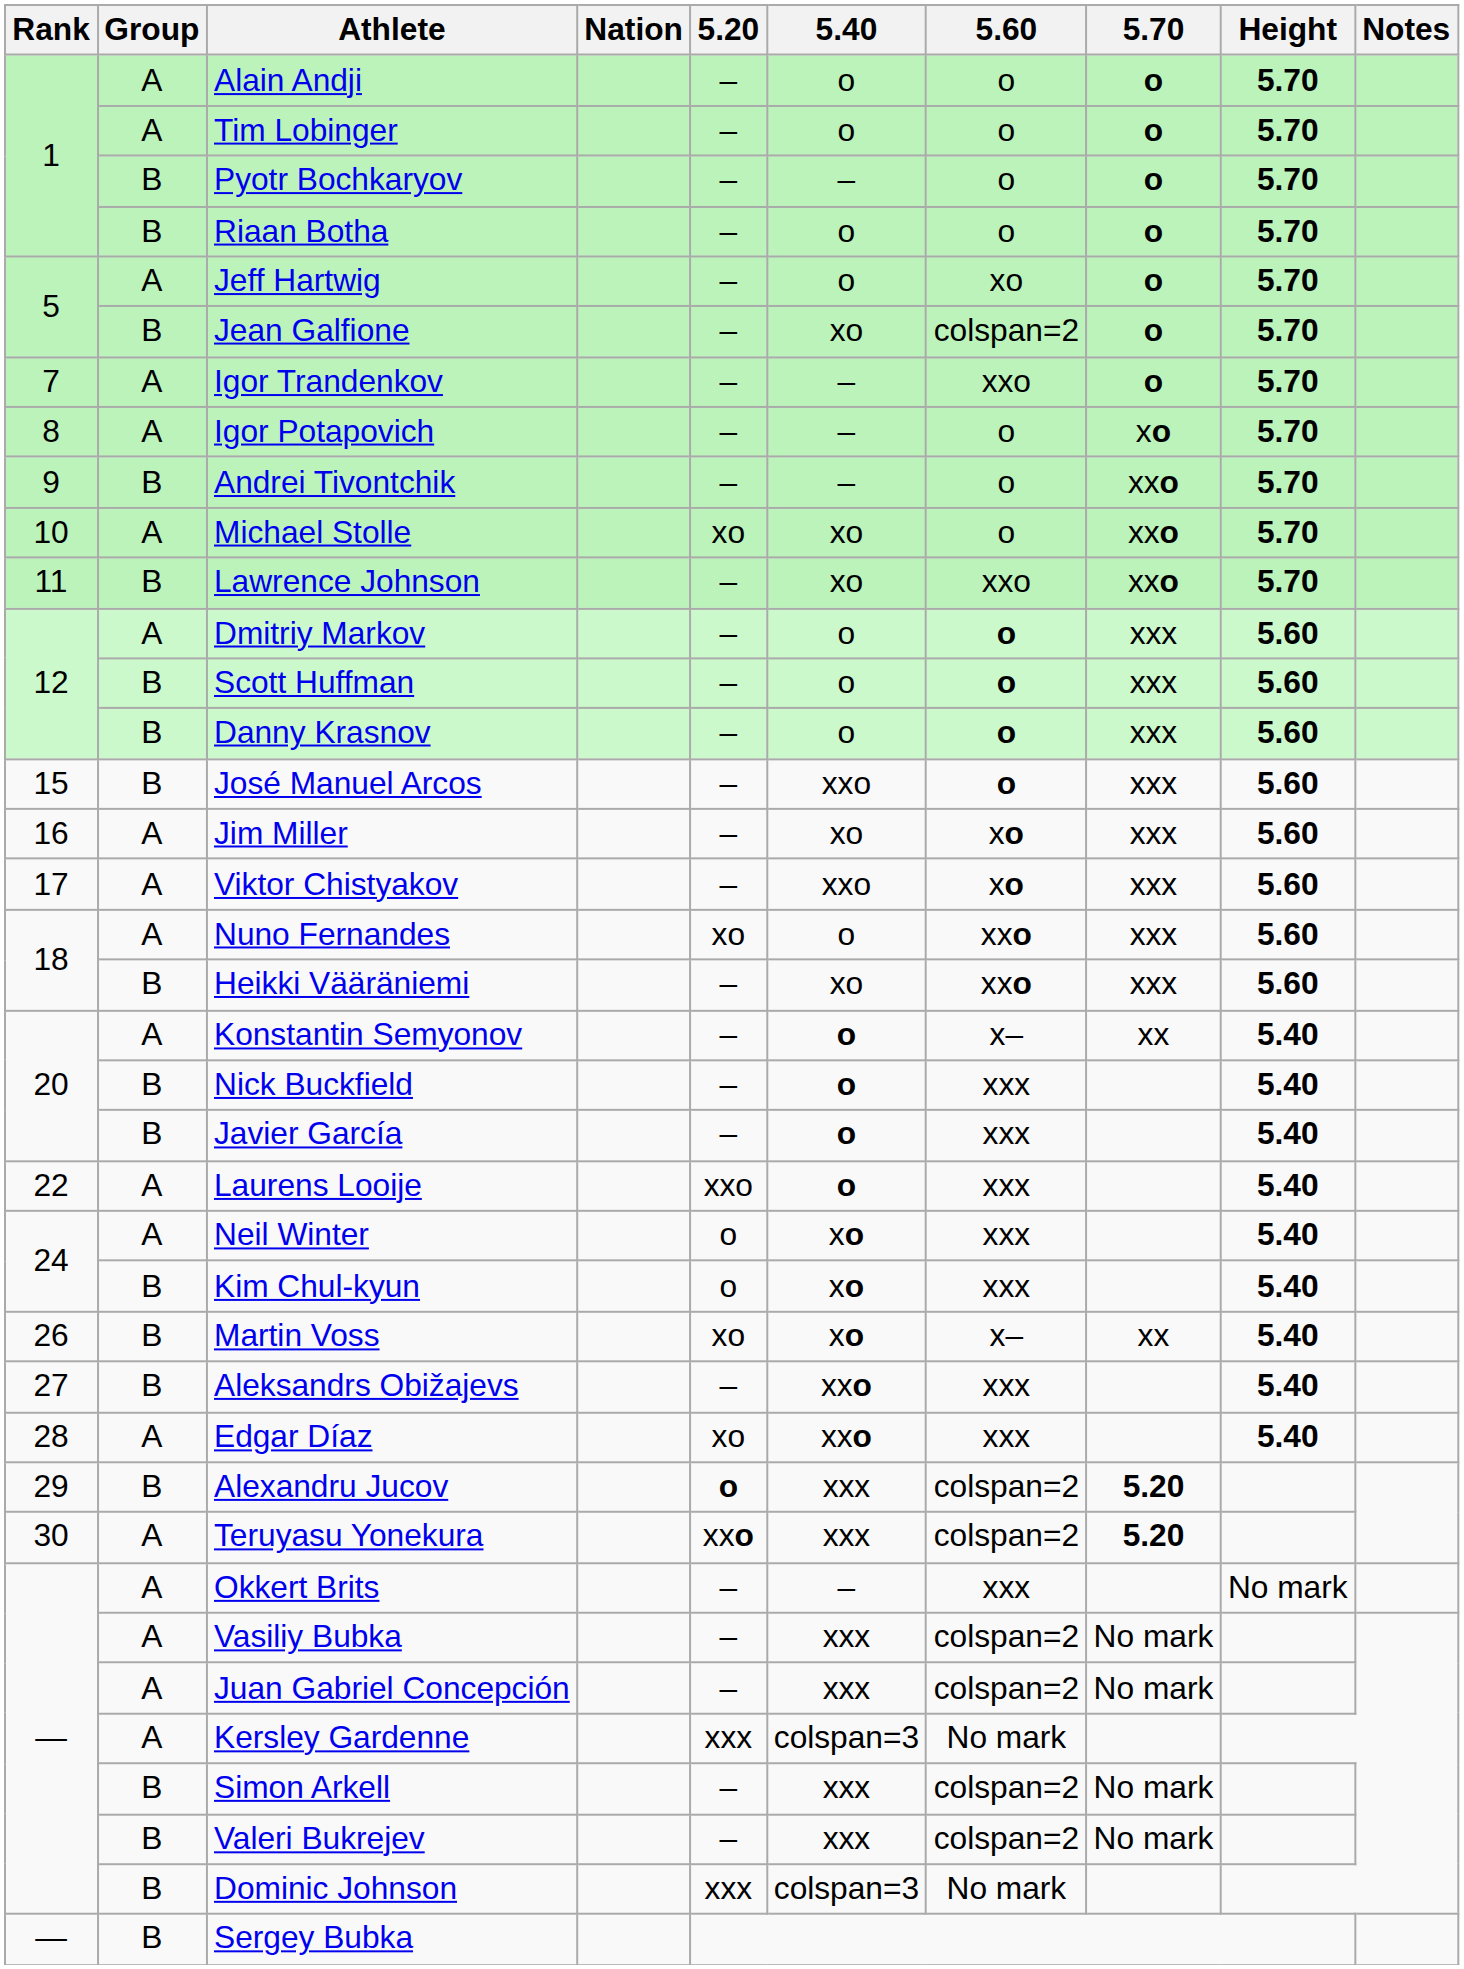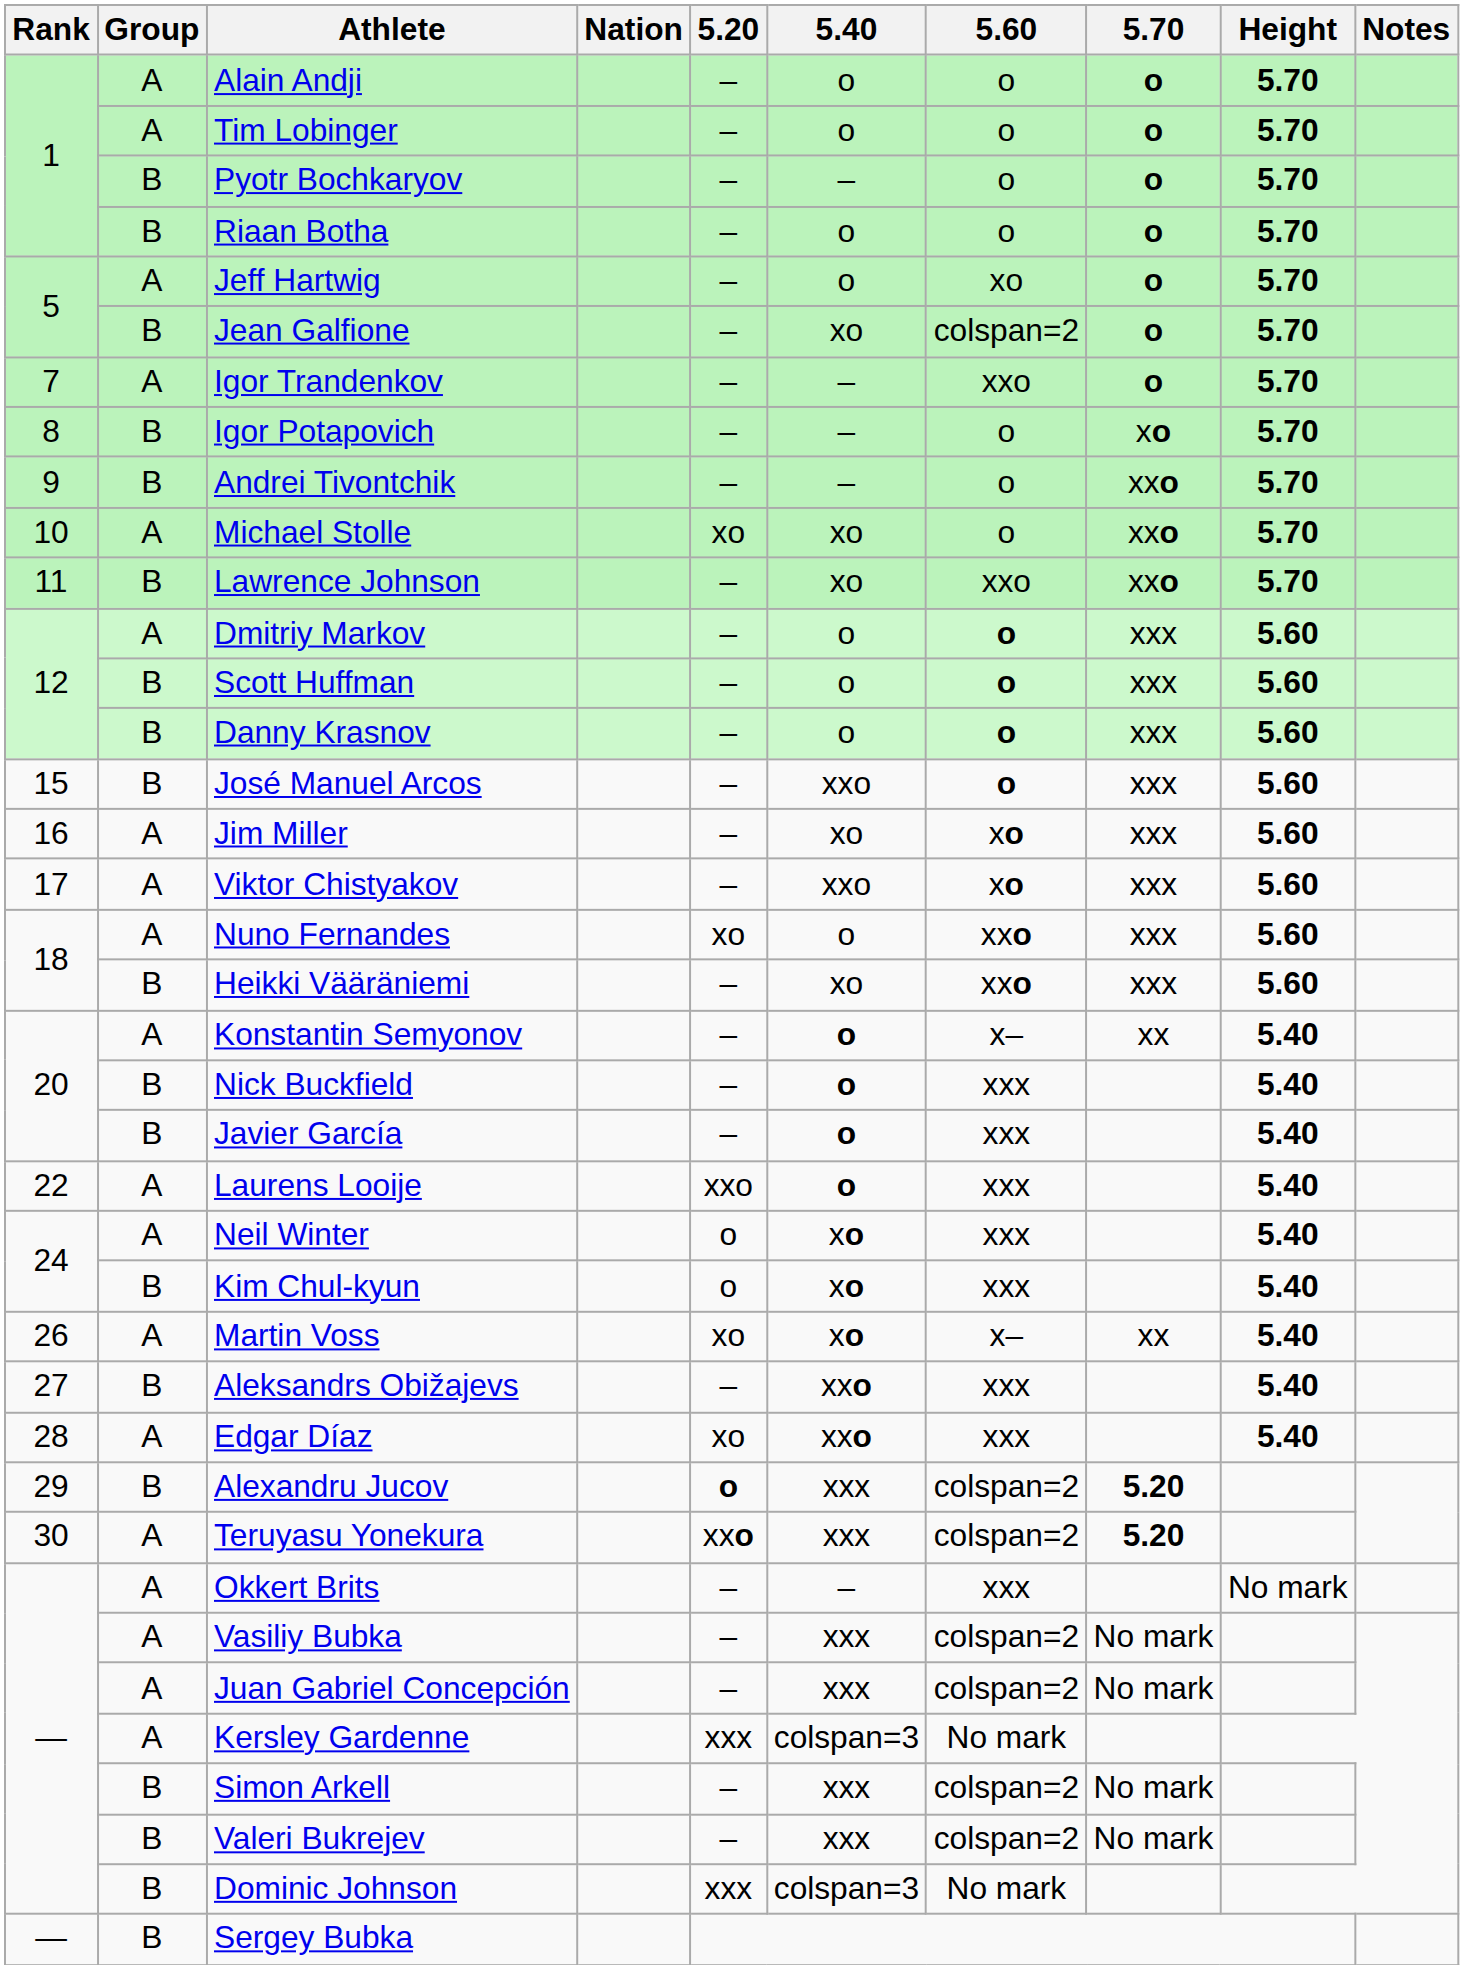 <table class="wikitable sortable" style="text-align:center">
 <tr>
 <th>Rank</th>
 <th>Group</th>
 <th>Athlete</th>
 <th>Nation</th>
 <th>5.20</th>
 <th>5.40</th>
 <th>5.60</th>
 <th>5.70</th>
 <th>Height</th>
 <th>Notes</th>
 </tr>
 <tr bgcolor=bbf3bb>
 <td rowspan=4>1</td>
 <td>A</td>
 <td align=left><a href='#'>Alain Andji</a></td>
 <td align=left></td>
 <td>–</td>
 <td>o</td>
 <td>o</td>
 <td><strong>o</strong></td>
 <td><strong>5.70</strong></td>
 <td></td>
 </tr>
 <tr bgcolor=bbf3bb>
 <td>A</td>
 <td align=left><a href='#'>Tim Lobinger</a></td>
 <td align=left></td>
 <td>–</td>
 <td>o</td>
 <td>o</td>
 <td><strong>o</strong></td>
 <td><strong>5.70</strong></td>
 <td></td>
 </tr>
 <tr bgcolor=bbf3bb>
 <td>B</td>
 <td align=left><a href='#'>Pyotr Bochkaryov</a></td>
 <td align=left></td>
 <td>–</td>
 <td>–</td>
 <td>o</td>
 <td><strong>o</strong></td>
 <td><strong>5.70</strong></td>
 <td></td>
 </tr>
 <tr bgcolor=bbf3bb>
 <td>B</td>
 <td align=left><a href='#'>Riaan Botha</a></td>
 <td align=left></td>
 <td>–</td>
 <td>o</td>
 <td>o</td>
 <td><strong>o</strong></td>
 <td><strong>5.70</strong></td>
 <td></td>
 </tr>
 <tr bgcolor=bbf3bb>
 <td rowspan=2>5</td>
 <td>A</td>
 <td align=left><a href='#'>Jeff Hartwig</a></td>
 <td align=left></td>
 <td>–</td>
 <td>o</td>
 <td>xo</td>
 <td><strong>o</strong></td>
 <td><strong>5.70</strong></td>
 <td></td>
 </tr>
 <tr bgcolor=bbf3bb>
 <td>B</td>
 <td align=left><a href='#'>Jean Galfione</a></td>
 <td align=left></td>
 <td>–</td>
 <td>xo</td>
 <td>colspan=2 </td>
 <td><strong>o</strong></td>
 <td><strong>5.70</strong></td>
 <td></td>
 </tr>
 <tr bgcolor=bbf3bb>
 <td>7</td>
 <td>A</td>
 <td align=left><a href='#'>Igor Trandenkov</a></td>
 <td align=left></td>
 <td>–</td>
 <td>–</td>
 <td>xxo</td>
 <td><strong>o</strong></td>
 <td><strong>5.70</strong></td>
 <td></td>
 </tr>
 <tr bgcolor=bbf3bb>
 <td>8</td>
-<td>A</td>
+<td>B</td>
 <td align=left><a href='#'>Igor Potapovich</a></td>
 <td align=left></td>
 <td>–</td>
 <td>–</td>
 <td>o</td>
 <td>x<strong>o</strong></td>
 <td><strong>5.70</strong></td>
 <td></td>
 </tr>
 <tr bgcolor=bbf3bb>
 <td>9</td>
 <td>B</td>
 <td align=left><a href='#'>Andrei Tivontchik</a></td>
 <td align=left></td>
 <td>–</td>
 <td>–</td>
 <td>o</td>
 <td>xx<strong>o</strong></td>
 <td><strong>5.70</strong></td>
 <td></td>
 </tr>
 <tr bgcolor=bbf3bb>
 <td>10</td>
 <td>A</td>
 <td align=left><a href='#'>Michael Stolle</a></td>
 <td align=left></td>
 <td>xo</td>
 <td>xo</td>
 <td>o</td>
 <td>xx<strong>o</strong></td>
 <td><strong>5.70</strong></td>
 <td></td>
 </tr>
 <tr bgcolor=bbf3bb>
 <td>11</td>
 <td>B</td>
 <td align=left><a href='#'>Lawrence Johnson</a></td>
 <td align=left></td>
 <td>–</td>
 <td>xo</td>
 <td>xxo</td>
 <td>xx<strong>o</strong></td>
 <td><strong>5.70</strong></td>
 <td></td>
 </tr>
 <tr bgcolor=ccf9cc>
 <td rowspan=3>12</td>
 <td>A</td>
 <td align=left><a href='#'>Dmitriy Markov</a></td>
 <td align=left></td>
 <td>–</td>
 <td>o</td>
 <td><strong>o</strong></td>
 <td>xxx</td>
 <td><strong>5.60</strong></td>
 <td></td>
 </tr>
 <tr bgcolor=ccf9cc>
 <td>B</td>
 <td align=left><a href='#'>Scott Huffman</a></td>
 <td align=left></td>
 <td>–</td>
 <td>o</td>
 <td><strong>o</strong></td>
 <td>xxx</td>
 <td><strong>5.60</strong></td>
 <td></td>
 </tr>
 <tr bgcolor=ccf9cc>
 <td>B</td>
 <td align=left><a href='#'>Danny Krasnov</a></td>
 <td align=left></td>
 <td>–</td>
 <td>o</td>
 <td><strong>o</strong></td>
 <td>xxx</td>
 <td><strong>5.60</strong></td>
 <td></td>
 </tr>
 <tr>
 <td>15</td>
 <td>B</td>
 <td align=left><a href='#'>José Manuel Arcos</a></td>
 <td align=left></td>
 <td>–</td>
 <td>xxo</td>
 <td><strong>o</strong></td>
 <td>xxx</td>
 <td><strong>5.60</strong></td>
 <td></td>
 </tr>
 <tr>
 <td>16</td>
 <td>A</td>
 <td align=left><a href='#'>Jim Miller</a></td>
 <td align=left></td>
 <td>–</td>
 <td>xo</td>
 <td>x<strong>o</strong></td>
 <td>xxx</td>
 <td><strong>5.60</strong></td>
 <td></td>
 </tr>
 <tr>
 <td>17</td>
 <td>A</td>
 <td align=left><a href='#'>Viktor Chistyakov</a></td>
 <td align=left></td>
 <td>–</td>
 <td>xxo</td>
 <td>x<strong>o</strong></td>
 <td>xxx</td>
 <td><strong>5.60</strong></td>
 <td></td>
 </tr>
 <tr>
 <td rowspan=2>18</td>
 <td>A</td>
 <td align=left><a href='#'>Nuno Fernandes</a></td>
 <td align=left></td>
 <td>xo</td>
 <td>o</td>
 <td>xx<strong>o</strong></td>
 <td>xxx</td>
 <td><strong>5.60</strong></td>
 <td></td>
 </tr>
 <tr>
 <td>B</td>
 <td align=left><a href='#'>Heikki Vääräniemi</a></td>
 <td align=left></td>
 <td>–</td>
 <td>xo</td>
 <td>xx<strong>o</strong></td>
 <td>xxx</td>
 <td><strong>5.60</strong></td>
 <td></td>
 </tr>
 <tr>
 <td rowspan=3>20</td>
 <td>A</td>
 <td align=left><a href='#'>Konstantin Semyonov</a></td>
 <td align=left></td>
 <td>–</td>
 <td><strong>o</strong></td>
 <td>x–</td>
 <td>xx</td>
 <td><strong>5.40</strong></td>
 <td></td>
 </tr>
 <tr>
 <td>B</td>
 <td align=left><a href='#'>Nick Buckfield</a></td>
 <td align=left></td>
 <td>–</td>
 <td><strong>o</strong></td>
 <td>xxx</td>
 <td></td>
 <td><strong>5.40</strong></td>
 <td></td>
 </tr>
 <tr>
 <td>B</td>
 <td align=left><a href='#'>Javier García</a></td>
 <td align=left></td>
 <td>–</td>
 <td><strong>o</strong></td>
 <td>xxx</td>
 <td></td>
 <td><strong>5.40</strong></td>
 <td></td>
 </tr>
 <tr>
 <td>22</td>
 <td>A</td>
 <td align=left><a href='#'>Laurens Looije</a></td>
 <td align=left></td>
 <td>xxo</td>
 <td><strong>o</strong></td>
 <td>xxx</td>
 <td></td>
 <td><strong>5.40</strong></td>
 <td></td>
 </tr>
 <tr>
 <td rowspan=2>24</td>
 <td>A</td>
 <td align=left><a href='#'>Neil Winter</a></td>
 <td align=left></td>
 <td>o</td>
 <td>x<strong>o</strong></td>
 <td>xxx</td>
 <td></td>
 <td><strong>5.40</strong></td>
 <td></td>
 </tr>
 <tr>
 <td>B</td>
 <td align=left><a href='#'>Kim Chul-kyun</a></td>
 <td align=left></td>
 <td>o</td>
 <td>x<strong>o</strong></td>
 <td>xxx</td>
 <td></td>
 <td><strong>5.40</strong></td>
 <td></td>
 </tr>
 <tr>
 <td>26</td>
-<td>B</td>
+<td>A</td>
 <td align=left><a href='#'>Martin Voss</a></td>
 <td align=left></td>
 <td>xo</td>
 <td>x<strong>o</strong></td>
 <td>x–</td>
 <td>xx</td>
 <td><strong>5.40</strong></td>
 <td></td>
 </tr>
 <tr>
 <td>27</td>
 <td>B</td>
 <td align=left><a href='#'>Aleksandrs Obižajevs</a></td>
 <td align=left></td>
 <td>–</td>
 <td>xx<strong>o</strong></td>
 <td>xxx</td>
 <td></td>
 <td><strong>5.40</strong></td>
 <td></td>
 </tr>
 <tr>
 <td>28</td>
 <td>A</td>
 <td align=left><a href='#'>Edgar Díaz</a></td>
 <td align=left></td>
 <td>xo</td>
 <td>xx<strong>o</strong></td>
 <td>xxx</td>
 <td></td>
 <td><strong>5.40</strong></td>
 <td></td>
 </tr>
 <tr>
 <td>29</td>
 <td>B</td>
 <td align=left><a href='#'>Alexandru Jucov</a></td>
 <td align=left></td>
 <td><strong>o</strong></td>
 <td>xxx</td>
 <td>colspan=2 </td>
 <td><strong>5.20</strong></td>
 <td></td>
 </tr>
 <tr>
 <td>30</td>
 <td>A</td>
 <td align=left><a href='#'>Teruyasu Yonekura</a></td>
 <td align=left></td>
 <td>xx<strong>o</strong></td>
 <td>xxx</td>
 <td>colspan=2 </td>
 <td><strong>5.20</strong></td>
 <td></td>
 </tr>
 <tr>
 <td rowspan=7 data-sort-value=31>—</td>
 <td>A</td>
 <td align=left><a href='#'>Okkert Brits</a></td>
 <td align=left></td>
 <td>–</td>
 <td>–</td>
 <td>xxx</td>
 <td></td>
 <td data-sort-value=1.00>No mark</td>
 <td></td>
 </tr>
 <tr>
 <td>A</td>
 <td align=left><a href='#'>Vasiliy Bubka</a></td>
 <td align=left></td>
 <td>–</td>
 <td>xxx</td>
 <td>colspan=2 </td>
 <td data-sort-value=1.00>No mark</td>
 <td></td>
 </tr>
 <tr>
 <td>A</td>
 <td align=left><a href='#'>Juan Gabriel Concepción</a></td>
 <td align=left></td>
 <td>–</td>
 <td>xxx</td>
 <td>colspan=2 </td>
 <td data-sort-value=1.00>No mark</td>
 <td></td>
 </tr>
 <tr>
 <td>A</td>
 <td align=left><a href='#'>Kersley Gardenne</a></td>
 <td align=left></td>
 <td>xxx</td>
 <td>colspan=3 </td>
 <td data-sort-value=1.00>No mark</td>
 <td></td>
 </tr>
 <tr>
 <td>B</td>
 <td align=left><a href='#'>Simon Arkell</a></td>
 <td align=left></td>
 <td>–</td>
 <td>xxx</td>
 <td>colspan=2 </td>
 <td data-sort-value=1.00>No mark</td>
 <td></td>
 </tr>
 <tr>
 <td>B</td>
 <td align=left><a href='#'>Valeri Bukrejev</a></td>
 <td align=left></td>
 <td>–</td>
 <td>xxx</td>
 <td>colspan=2 </td>
 <td data-sort-value=1.00>No mark</td>
 <td></td>
 </tr>
 <tr>
 <td>B</td>
 <td align=left><a href='#'>Dominic Johnson</a></td>
 <td align=left></td>
 <td>xxx</td>
 <td>colspan=3 </td>
 <td data-sort-value=1.00>No mark</td>
 <td></td>
 </tr>
 <tr>
 <td data-sort-value=32>—</td>
 <td>B</td>
 <td align=left><a href='#'>Sergey Bubka</a></td>
 <td align=left></td>
 <td colspan=5 data-sort-value=0.00></td>
 <td></td>
 </tr>
 </table>
